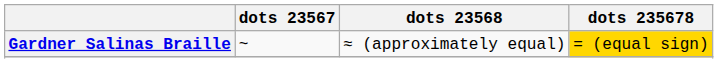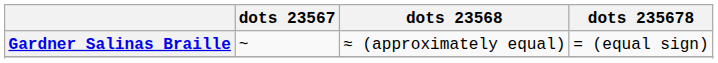 <table class="wikitable">
 <tr>
 <th></th>
 <th>dots 23567</th>
 <th>dots 23568</th>
 <th>dots 235678</th>
 </tr>
 <tr>
 <th align=left><a href='#'>Gardner Salinas Braille</a></th>
 <td>~</td>
 <td>≈ (approximately equal)</td>
-<td style="background: gold;">= (equal sign)</td>
+<td>= (equal sign)</td>
 </tr>
 <tr>
 </tr>
 <tr>
 </tr>
 </table>
